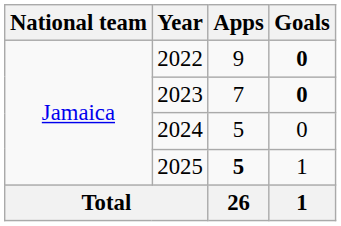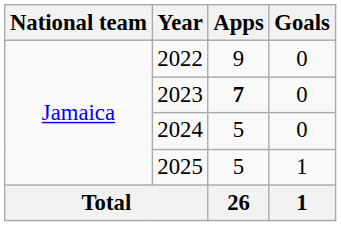 <table class="wikitable" style="text-align:center">
 <tr>
 <th>National team</th>
 <th>Year</th>
 <th>Apps</th>
 <th>Goals</th>
 </tr>
 <tr>
 <td rowspan="4"><a href='#'>Jamaica</a></td>
 <td>2022</td>
 <td>9</td>
-<td><strong>0</strong></td>
+<td>0</td>
 </tr>
 <tr>
 <td>2023</td>
-<td>7</td>
-<td><strong>0</strong></td>
+<td><strong>7</strong></td>
+<td>0</td>
 </tr>
 <tr>
 <td>2024</td>
 <td>5</td>
 <td>0</td>
 </tr>
 <tr>
 <td>2025</td>
-<td><strong>5</strong></td>
+<td>5</td>
 <td>1</td>
 </tr>
 <tr>
 <th colspan=2>Total</th>
 <th>26</th>
 <th>1</th>
 </tr>
 </table>
